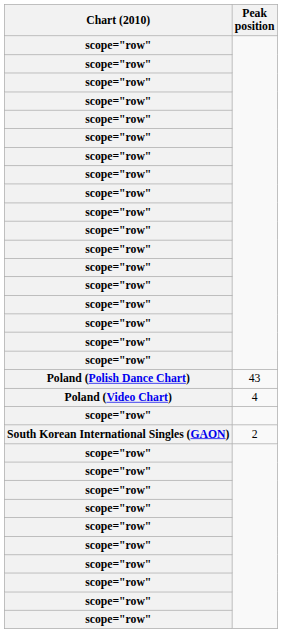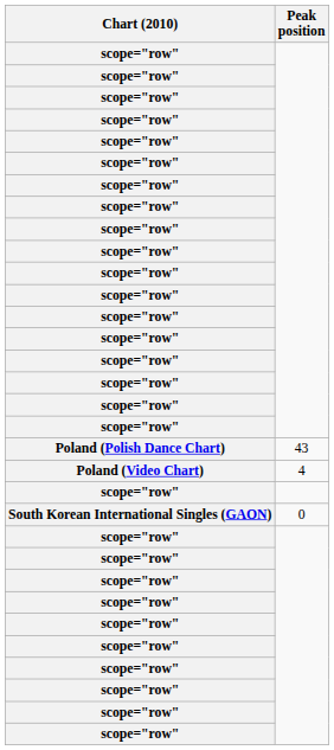 <table class="wikitable sortable plainrowheaders" style="text-align:center;">
 <tr>
 <th scope="col">Chart (2010)</th>
 <th scope="col">Peak<br>position</th>
 </tr>
 <tr>
 <th>scope="row" </th>
 </tr>
 <tr>
 <th>scope="row" </th>
 </tr>
 <tr>
 <th>scope="row" </th>
 </tr>
 <tr>
 <th>scope="row" </th>
 </tr>
 <tr>
 <th>scope="row"</th>
 </tr>
 <tr>
 <th>scope="row"</th>
 </tr>
 <tr>
 <th>scope="row"</th>
 </tr>
 <tr>
 <th>scope="row"</th>
 </tr>
 <tr>
 <th>scope="row"</th>
 </tr>
 <tr>
 <th>scope="row" </th>
 </tr>
 <tr>
 <th>scope="row"</th>
 </tr>
 <tr>
 <th>scope="row"</th>
 </tr>
 <tr>
 <th>scope="row" </th>
 </tr>
 <tr>
 <th>scope="row"</th>
 </tr>
 <tr>
 <th>scope="row"</th>
 </tr>
 <tr>
 <th>scope="row"</th>
 </tr>
 <tr>
 <th>scope="row" </th>
 </tr>
 <tr>
 <th>scope="row"</th>
 </tr>
 <tr>
 <th scope="row">Poland (<a href='#'>Polish Dance Chart</a>)</th>
 <td>43</td>
 </tr>
 <tr>
 <th scope="row">Poland (<a href='#'>Video Chart</a>)</th>
 <td align=center>4</td>
 </tr>
 <tr>
 <th>scope="row"</th>
 </tr>
 <tr>
 <th scope="row">South Korean International Singles (<a href='#'>GAON</a>)</th>
-<td style="text-align:center;">2</td>
+<td style="text-align:center;">0</td>
 </tr>
 <tr>
 <th>scope="row"</th>
 </tr>
 <tr>
 <th>scope="row" </th>
 </tr>
 <tr>
 <th>scope="row"</th>
 </tr>
 <tr>
 <th>scope="row"</th>
 </tr>
 <tr>
 <th>scope="row"</th>
 </tr>
 <tr>
 <th>scope="row"</th>
 </tr>
 <tr>
 <th>scope="row"</th>
 </tr>
 <tr>
 <th>scope="row"</th>
 </tr>
 <tr>
 <th>scope="row"</th>
 </tr>
 <tr>
 <th>scope="row"</th>
 </tr>
 </table>
